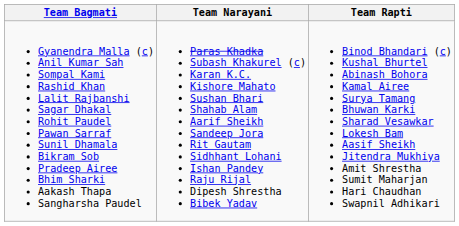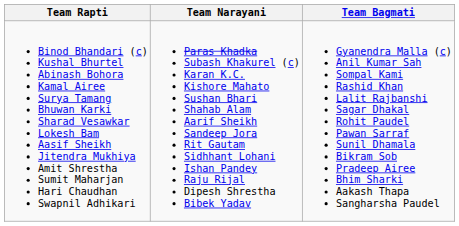 <table class="wikitable">
 <tr>
+<th>Team Rapti</th>
+<th>Team Narayani</th>
 <th><a href='#'>Team Bagmati</a></th>
-<th>Team Narayani</th>
-<th>Team Rapti</th>
 </tr>
 <tr>
+<td><br><ul><li><a href='#'>Binod Bhandari</a> (<a href='#'>c</a>)</li><li><a href='#'>Kushal Bhurtel</a></li><li><a href='#'>Abinash Bohora</a></li><li><a href='#'>Kamal Airee</a></li><li><a href='#'>Surya Tamang</a></li><li><a href='#'>Bhuwan Karki</a></li><li><a href='#'>Sharad Vesawkar</a></li><li><a href='#'>Lokesh Bam</a></li><li><a href='#'>Aasif Sheikh</a></li><li><a href='#'>Jitendra Mukhiya</a></li><li>Amit Shrestha</li><li>Sumit Maharjan</li><li>Hari Chaudhan</li><li>Swapnil Adhikari</li></ul></td>
+<td><br><ul><li><a href='#'><s>Paras Khadka</s></a></li><li><a href='#'>Subash Khakurel</a> (<a href='#'>c</a>)</li><li><a href='#'>Karan K.C.</a></li><li><a href='#'>Kishore Mahato</a></li><li><a href='#'>Sushan Bhari</a></li><li><a href='#'>Shahab Alam</a></li><li><a href='#'>Aarif Sheikh</a></li><li><a href='#'>Sandeep Jora</a></li><li><a href='#'>Rit Gautam</a></li><li><a href='#'>Sidhhant Lohani</a></li><li><a href='#'>Ishan Pandey</a></li><li><a href='#'>Raju Rijal</a></li><li>Dipesh Shrestha</li><li><a href='#'>Bibek Yadav</a></li></ul></td>
 <td><br><ul><li><a href='#'>Gyanendra Malla</a> (<a href='#'>c</a>)</li><li><a href='#'>Anil Kumar Sah</a></li><li><a href='#'>Sompal Kami</a></li><li><a href='#'>Rashid Khan</a></li><li><a href='#'>Lalit Rajbanshi</a></li><li><a href='#'>Sagar Dhakal</a></li><li><a href='#'>Rohit Paudel</a></li><li><a href='#'>Pawan Sarraf</a></li><li><a href='#'>Sunil Dhamala</a></li><li><a href='#'>Bikram Sob</a></li><li><a href='#'>Pradeep Airee</a></li><li><a href='#'>Bhim Sharki</a></li><li>Aakash Thapa</li><li>Sangharsha Paudel</li></ul></td>
-<td><br><ul><li><a href='#'><s>Paras Khadka</s></a></li><li><a href='#'>Subash Khakurel</a> (<a href='#'>c</a>)</li><li><a href='#'>Karan K.C.</a></li><li><a href='#'>Kishore Mahato</a></li><li><a href='#'>Sushan Bhari</a></li><li><a href='#'>Shahab Alam</a></li><li><a href='#'>Aarif Sheikh</a></li><li><a href='#'>Sandeep Jora</a></li><li><a href='#'>Rit Gautam</a></li><li><a href='#'>Sidhhant Lohani</a></li><li><a href='#'>Ishan Pandey</a></li><li><a href='#'>Raju Rijal</a></li><li>Dipesh Shrestha</li><li><a href='#'>Bibek Yadav</a></li></ul></td>
-<td><br><ul><li><a href='#'>Binod Bhandari</a> (<a href='#'>c</a>)</li><li><a href='#'>Kushal Bhurtel</a></li><li><a href='#'>Abinash Bohora</a></li><li><a href='#'>Kamal Airee</a></li><li><a href='#'>Surya Tamang</a></li><li><a href='#'>Bhuwan Karki</a></li><li><a href='#'>Sharad Vesawkar</a></li><li><a href='#'>Lokesh Bam</a></li><li><a href='#'>Aasif Sheikh</a></li><li><a href='#'>Jitendra Mukhiya</a></li><li>Amit Shrestha</li><li>Sumit Maharjan</li><li>Hari Chaudhan</li><li>Swapnil Adhikari</li></ul></td>
 </tr>
 </table>
